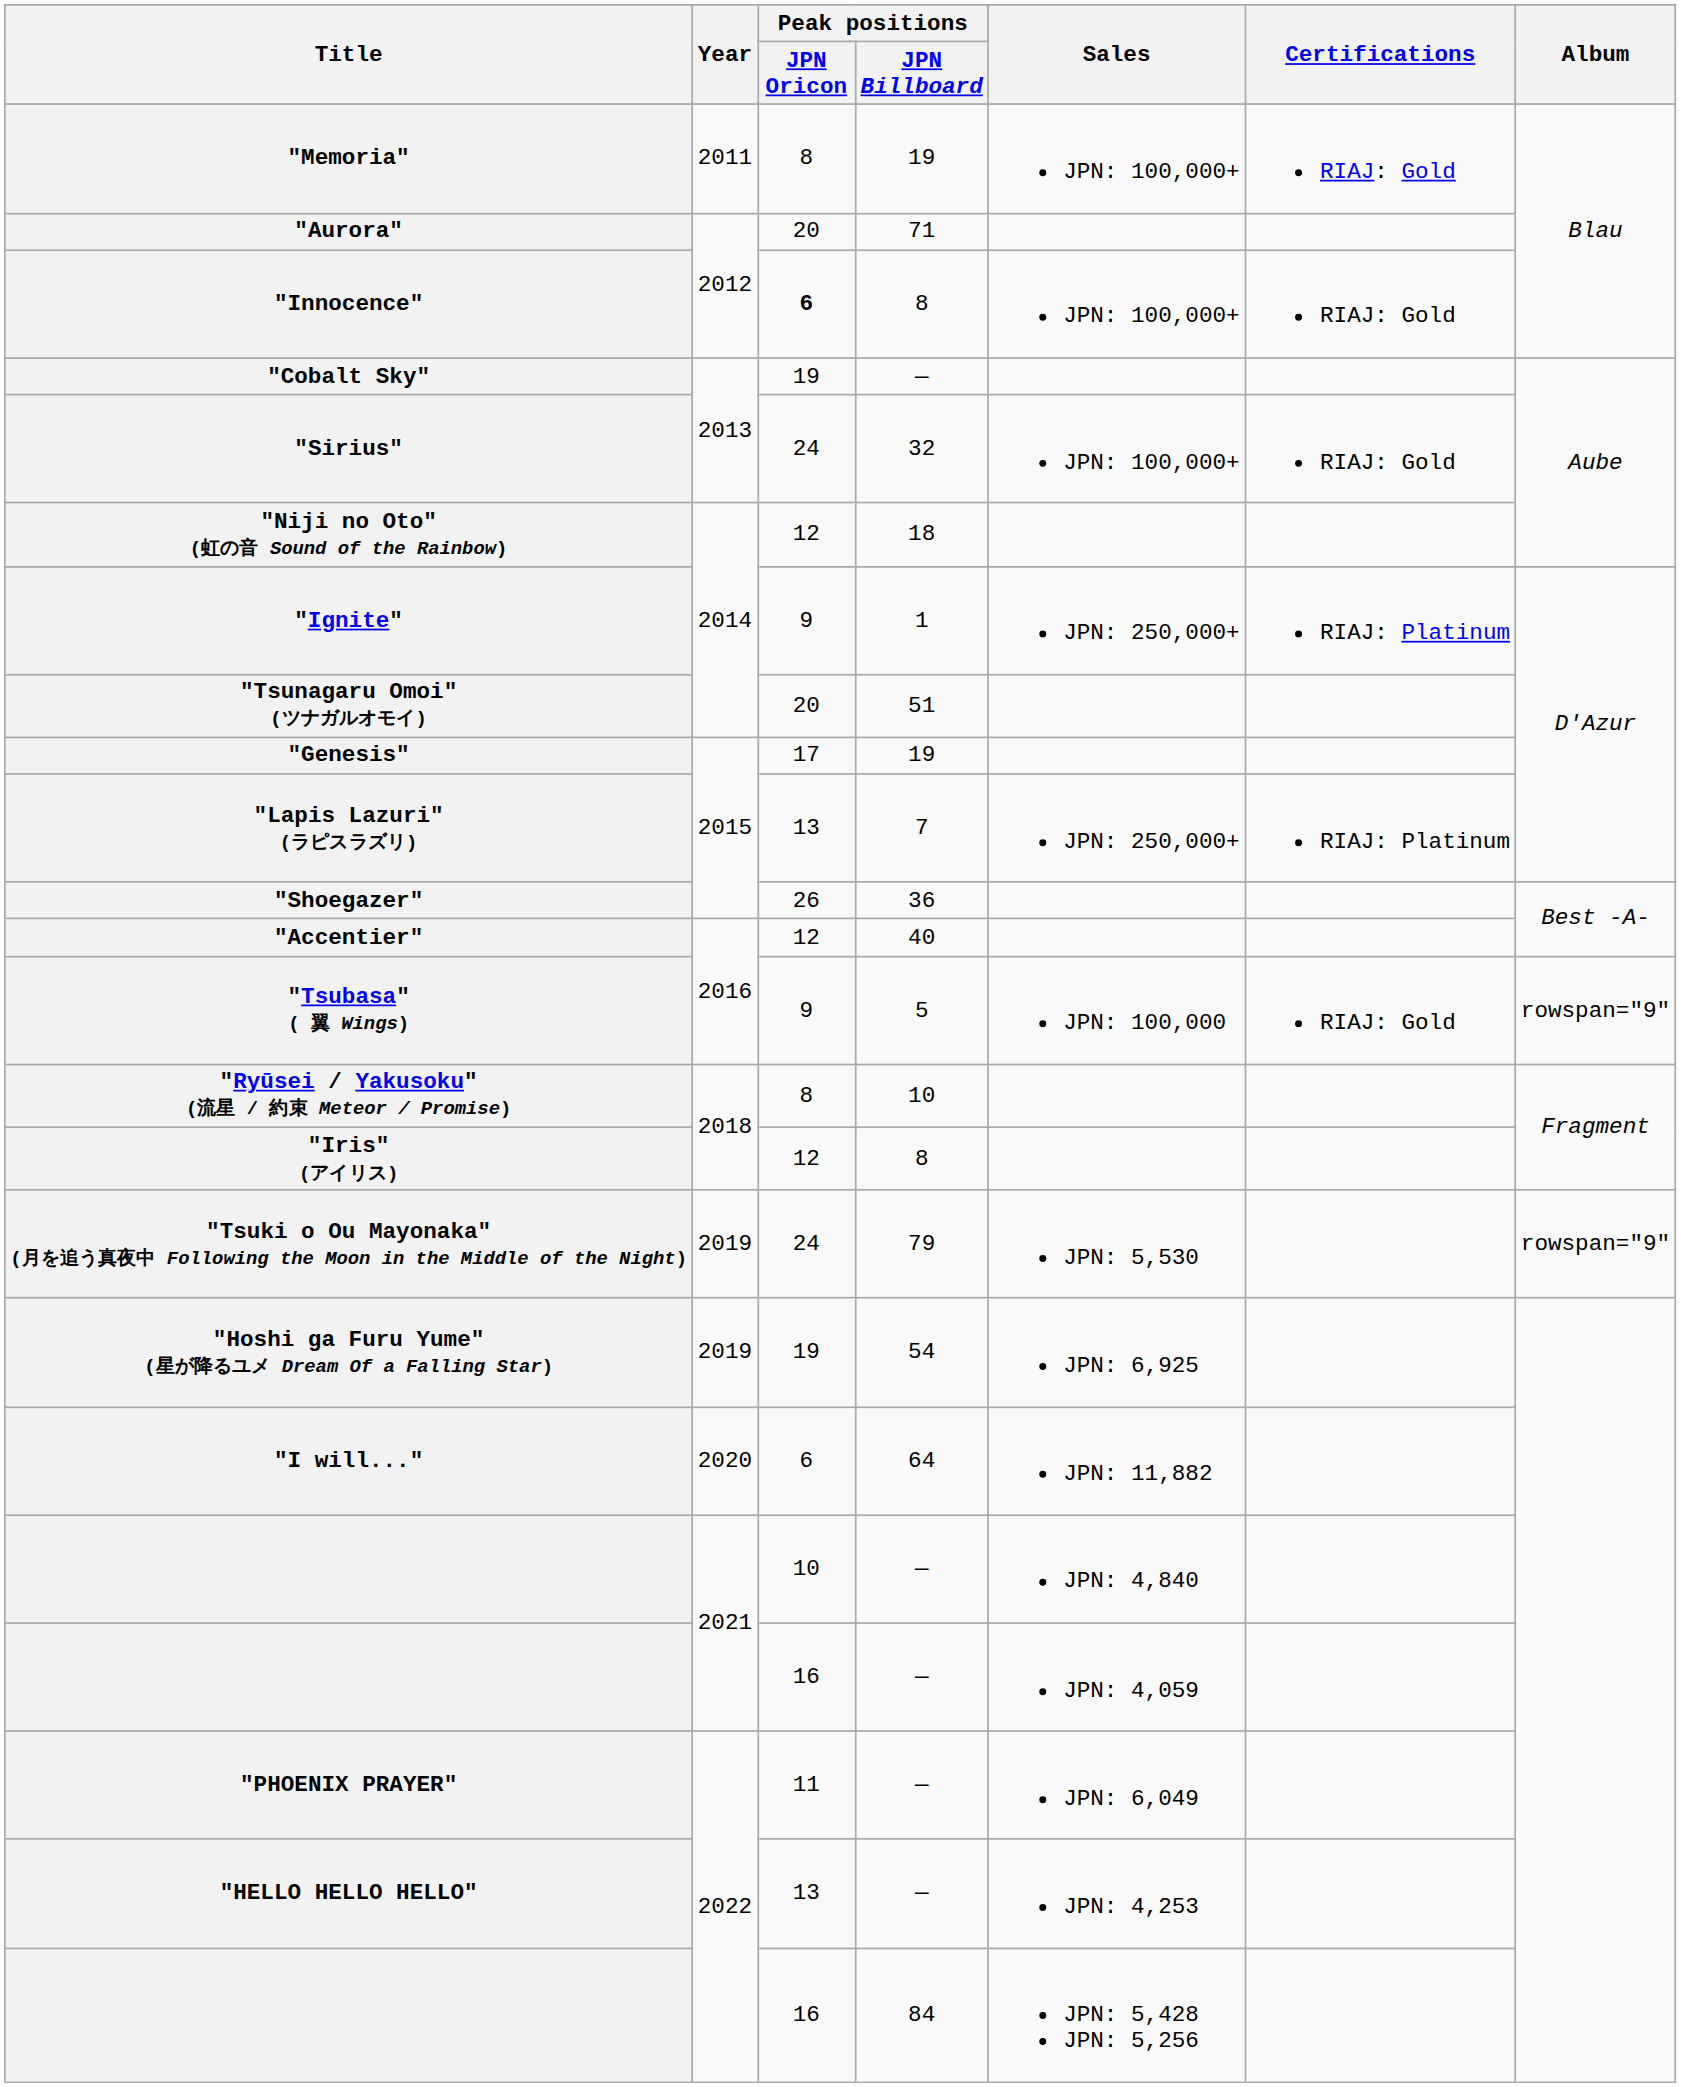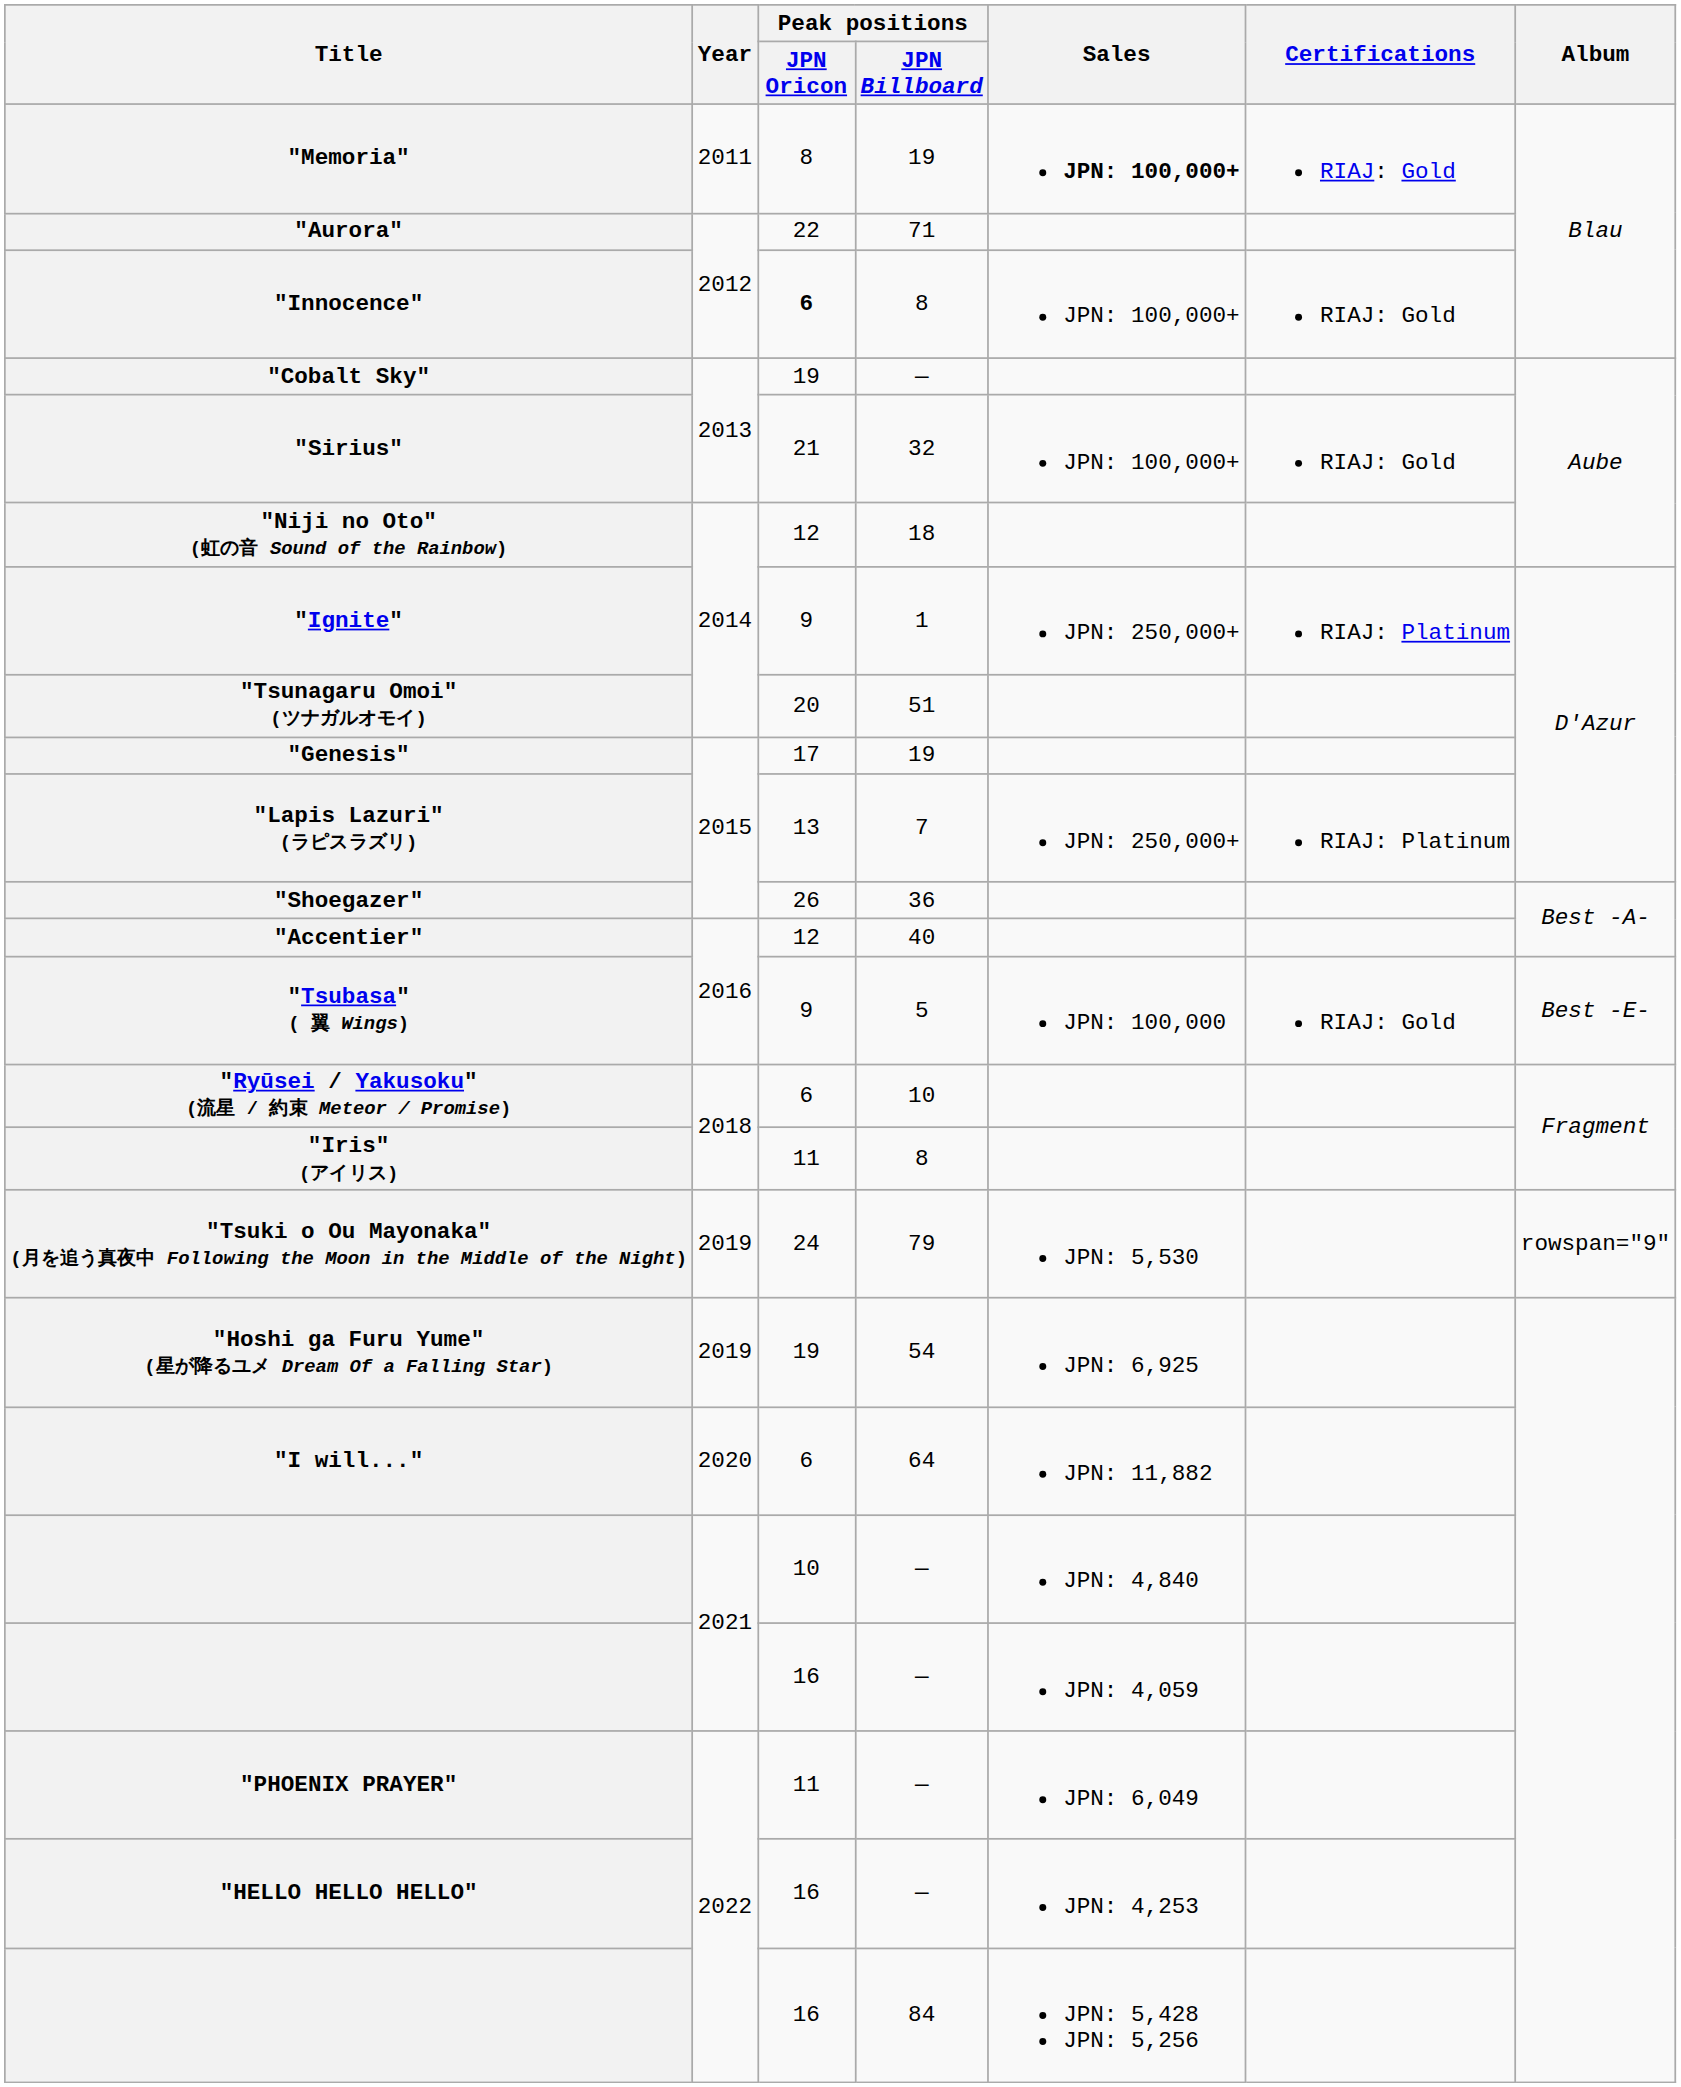 <table class="wikitable plainrowheaders">
 <tr>
 <th scope="col" rowspan="2">Title</th>
 <th scope="col" rowspan="2">Year</th>
 <th scope="col" colspan="2">Peak positions</th>
 <th scope="col" rowspan="2">Sales</th>
 <th scope="col" rowspan="2"><a href='#'>Certifications</a></th>
 <th scope="col" rowspan="2">Album</th>
 </tr>
 <tr>
 <th style="width:50px;" scope="col"><a href='#'>JPN <br>Oricon</a><br></th>
 <th style="width:50px;" scope="col"><a href='#'>JPN<br><em>Billboard</em></a><br></th>
 </tr>
 <tr>
 <th scope="row">"Memoria"</th>
 <td align="center">2011</td>
 <td align="center">8</td>
 <td align="center">19</td>
-<td><br><ul><li>JPN: 100,000+</li></ul></td>
+<td><strong><br><ul><li>JPN: 100,000+</li></ul></strong></td>
 <td><br><ul><li><a href='#'>RIAJ</a>: <a href='#'>Gold</a></li></ul></td>
 <td rowspan="3" align="center"><em>Blau</em></td>
 </tr>
 <tr>
 <th scope="row">"Aurora"</th>
 <td rowspan="2" align="center">2012</td>
-<td align="center">20</td>
+<td align="center">22</td>
 <td align="center">71</td>
 <td></td>
 <td></td>
 </tr>
 <tr>
 <th scope="row">"Innocence"</th>
 <td align="center"><strong>6</strong></td>
 <td align="center">8</td>
 <td><br><ul><li>JPN: 100,000+</li></ul></td>
 <td><br><ul><li>RIAJ: Gold</li></ul></td>
 </tr>
 <tr>
 <th scope="row">"Cobalt Sky"</th>
 <td rowspan="2" align="center">2013</td>
 <td align="center">19</td>
 <td align="center">—</td>
 <td></td>
 <td></td>
 <td rowspan="3" align="center"><em>Aube</em></td>
 </tr>
 <tr>
 <th scope="row">"Sirius"</th>
-<td align="center">24</td>
+<td align="center">21</td>
 <td align="center">32</td>
 <td><br><ul><li>JPN: 100,000+</li></ul></td>
 <td><br><ul><li>RIAJ: Gold</li></ul></td>
 </tr>
 <tr>
 <th scope="row">"Niji no Oto" <br><small>(虹の音 <em>Sound of the Rainbow</em>)</small></th>
 <td rowspan="3" align="center">2014</td>
 <td align="center">12</td>
 <td align="center">18</td>
 <td></td>
 <td></td>
 </tr>
 <tr>
 <th scope="row">"<a href='#'>Ignite</a>"</th>
 <td align="center">9</td>
 <td align="center">1</td>
 <td><br><ul><li>JPN: 250,000+</li></ul></td>
 <td><br><ul><li>RIAJ: <a href='#'>Platinum</a></li></ul></td>
 <td rowspan="4" align="center"><em>D'Azur</em></td>
 </tr>
 <tr>
 <th scope="row">"Tsunagaru Omoi" <br><small>(ツナガルオモイ)</small></th>
 <td align="center">20</td>
 <td align="center">51</td>
 <td></td>
 <td></td>
 </tr>
 <tr>
 <th scope="row">"Genesis"</th>
 <td rowspan="3" align="center">2015</td>
 <td align="center">17</td>
 <td align="center">19</td>
 <td></td>
 <td></td>
 </tr>
 <tr>
 <th scope="row">"Lapis Lazuri" <br><small>(ラピスラズリ)</small></th>
 <td align="center">13</td>
 <td align="center">7</td>
 <td><br><ul><li>JPN: 250,000+</li></ul></td>
 <td><br><ul><li>RIAJ: Platinum</li></ul></td>
 </tr>
 <tr>
 <th scope="row">"Shoegazer"</th>
 <td align="center">26</td>
 <td align="center">36</td>
 <td></td>
 <td></td>
 <td rowspan="2" align="center"><em>Best -A-</em></td>
 </tr>
 <tr>
 <th scope="row">"Accentier"</th>
 <td rowspan="2" align="center">2016</td>
 <td align="center">12</td>
 <td align="center">40</td>
 <td></td>
 <td></td>
 </tr>
 <tr>
 <th scope="row">"<a href='#'>Tsubasa</a>" <br><small>( 翼 <em>Wings</em>)</small></th>
 <td align="center">9</td>
 <td align="center">5</td>
 <td><br><ul><li>JPN: 100,000</li></ul></td>
 <td><br><ul><li>RIAJ: Gold</li></ul></td>
-<td>rowspan="9" </td>
+<td align="center"><em>Best -E-</em></td>
 </tr>
 <tr>
 <th scope="row">"<a href='#'>Ryūsei</a> / <a href='#'>Yakusoku</a>" <br><small>(流星 / 約束 <em>Meteor / Promise</em>)</small></th>
 <td rowspan="2" align="center">2018</td>
-<td align="center">8</td>
+<td align="center">6</td>
 <td align="center">10</td>
 <td></td>
 <td></td>
 <td rowspan="2" align="center"><em>Fragment</em></td>
 </tr>
 <tr>
 <th scope="row">"Iris" <br><small>(アイリス)</small></th>
-<td align="center">12</td>
+<td align="center">11</td>
 <td align="center">8</td>
 <td></td>
 <td></td>
 </tr>
 <tr>
 <th scope="row">"Tsuki o Ou Mayonaka" <br><small>(月を追う真夜中 <em>Following the Moon in the Middle of the Night</em>)</small></th>
 <td align="center">2019</td>
 <td align="center">24</td>
 <td align="center">79</td>
 <td><br><ul><li>JPN: 5,530</li></ul></td>
 <td></td>
 <td>rowspan="9" </td>
 </tr>
 <tr>
 <th scope="row">"Hoshi ga Furu Yume"<br><small>(星が降るユメ <em>Dream Of a Falling Star</em>)</small></th>
 <td align="center">2019</td>
 <td align="center">19</td>
 <td align="center">54</td>
 <td><br><ul><li>JPN: 6,925</li></ul></td>
 <td></td>
 </tr>
 <tr>
 <th scope="row">"I will..."</th>
 <td align="center">2020</td>
 <td align="center">6</td>
 <td align="center">64</td>
 <td><br><ul><li>JPN: 11,882</li></ul></td>
 <td></td>
 </tr>
 <tr>
 <th scope="row"></th>
 <td rowspan="2" align="center">2021</td>
 <td align="center">10</td>
 <td align="center">—</td>
 <td><br><ul><li>JPN: 4,840</li></ul></td>
 <td></td>
 </tr>
 <tr>
 <th scope="row"></th>
 <td align="center">16</td>
 <td align="center">—</td>
 <td><br><ul><li>JPN: 4,059</li></ul></td>
 <td></td>
 </tr>
 <tr>
 <th scope="row">"PHOENIX PRAYER"</th>
 <td rowspan="3" align="center">2022</td>
 <td align="center">11</td>
 <td align="center">—</td>
 <td><br><ul><li>JPN: 6,049</li></ul></td>
 <td></td>
 </tr>
 <tr>
 <th scope="row">"HELLO HELLO HELLO"</th>
-<td align="center">13</td>
+<td align="center">16</td>
 <td align="center">—</td>
 <td><br><ul><li>JPN: 4,253</li></ul></td>
 <td></td>
 </tr>
 <tr>
 <th scope="row"></th>
 <td align="center">16</td>
 <td align="center">84</td>
 <td><br><ul><li>JPN: 5,428 </li><li>JPN: 5,256 </li></ul></td>
 <td></td>
 </tr>
 </table>
